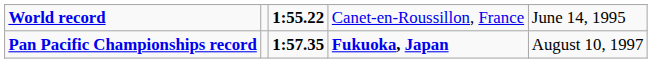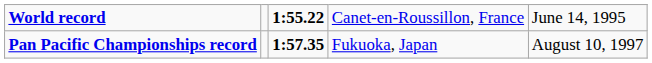 <table class="wikitable">
 <tr>
 <td><strong><a href='#'>World record</a></strong></td>
 <td></td>
 <td><strong>1:55.22</strong></td>
 <td><a href='#'>Canet-en-Roussillon</a>, <a href='#'>France</a></td>
 <td>June 14, 1995</td>
 </tr>
 <tr>
 <td><strong><a href='#'>Pan Pacific Championships record</a></strong></td>
 <td></td>
 <td><strong>1:57.35</strong></td>
-<td><strong><a href='#'>Fukuoka</a>, <a href='#'>Japan</a></strong></td>
+<td><a href='#'>Fukuoka</a>, <a href='#'>Japan</a></td>
 <td>August 10, 1997</td>
 </tr>
 </table>
